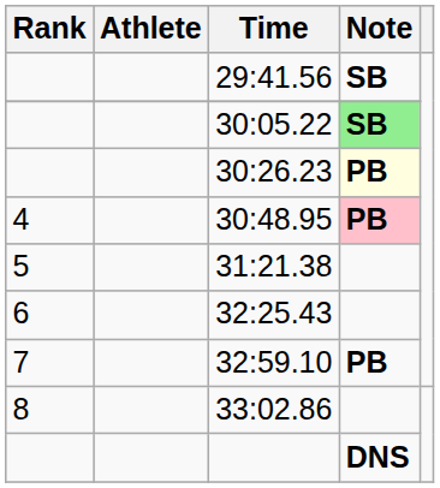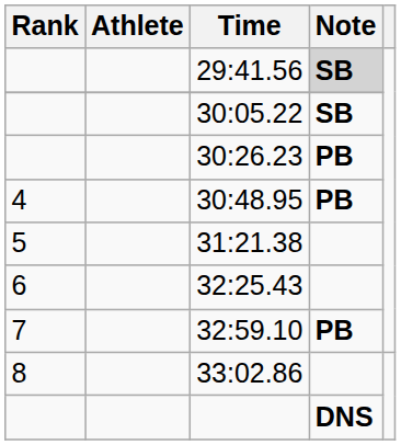 <table class="wikitable">
 <tr>
 <th>Rank</th>
 <th>Athlete</th>
 <th>Time</th>
 <th>Note</th>
 <th></th>
 </tr>
 <tr>
 <td></td>
 <td></td>
 <td>29:41.56</td>
-<td><strong>SB</strong></td>
+<td style="background: lightgrey;"><strong>SB</strong></td>
 <td rowspan=8></td>
 </tr>
 <tr>
 </tr>
 <tr>
 <td></td>
 <td></td>
 <td>30:05.22</td>
-<td style="background: lightgreen;"><strong>SB</strong></td>
+<td><strong>SB</strong></td>
 </tr>
 <tr>
 <td></td>
 <td></td>
 <td>30:26.23</td>
-<td style="background: lightyellow;"><strong>PB</strong></td>
+<td><strong>PB</strong></td>
 </tr>
 <tr>
 <td>4</td>
 <td></td>
 <td>30:48.95</td>
-<td style="background: pink;"><strong>PB</strong></td>
+<td><strong>PB</strong></td>
 </tr>
 <tr>
 <td>5</td>
 <td></td>
 <td>31:21.38</td>
 <td></td>
 </tr>
 <tr>
 <td>6</td>
 <td></td>
 <td>32:25.43</td>
 <td></td>
 </tr>
 <tr>
 <td>7</td>
 <td></td>
 <td>32:59.10</td>
 <td><strong>PB</strong></td>
 </tr>
 <tr>
 <td>8</td>
 <td></td>
 <td>33:02.86</td>
 <td></td>
 </tr>
 <tr>
 <td></td>
 <td></td>
 <td></td>
 <td><strong>DNS</strong></td>
 </tr>
 </table>
